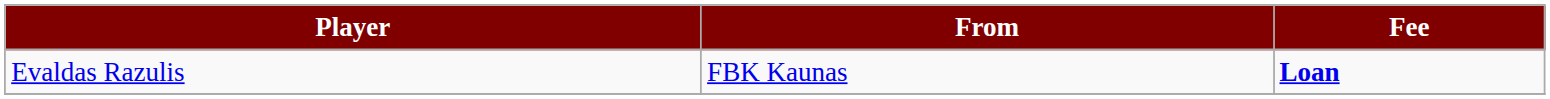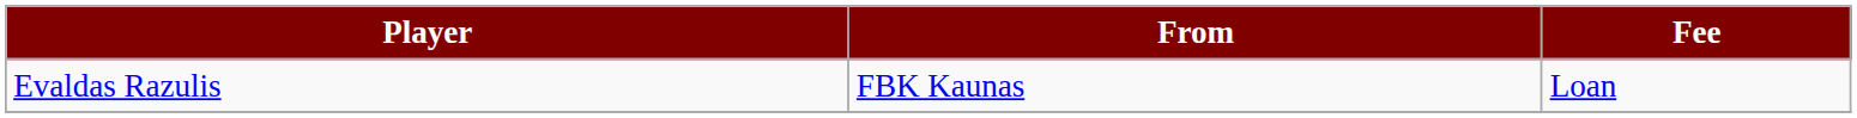 <table class="wikitable" style="text-align:left; font-size:95%;width:98%;">
 <tr>
 <th style="background:maroon; color:white;">Player</th>
 <th style="background:maroon; color:white;">From</th>
 <th style="background:maroon; color:white;">Fee</th>
 </tr>
 <tr>
 <td> <a href='#'>Evaldas Razulis</a></td>
 <td> <a href='#'>FBK Kaunas</a></td>
-<td><strong><a href='#'>Loan</a></strong></td>
+<td><a href='#'>Loan</a></td>
 </tr>
 <tr>
 </tr>
 </table>
